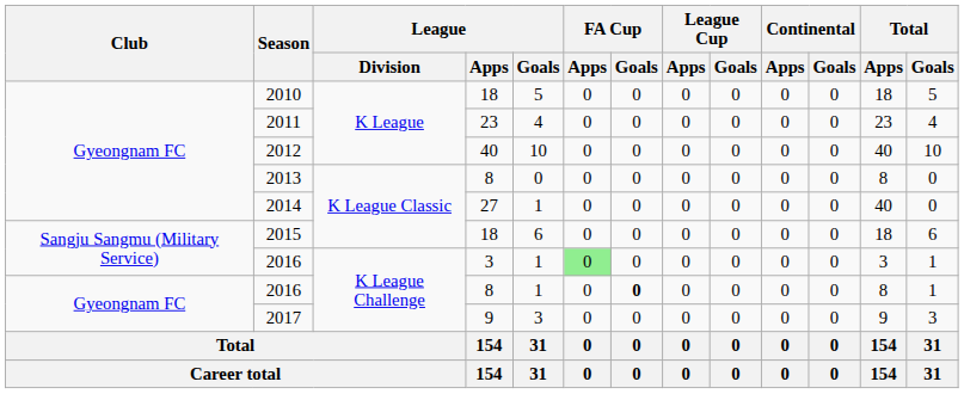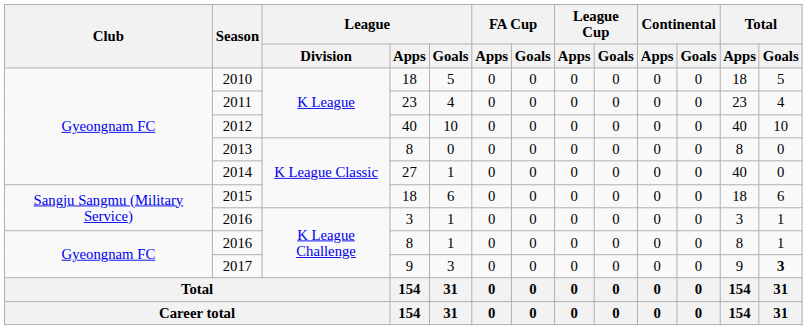 <table class="wikitable" style="text-align:center">
 <tr>
 <th rowspan=2>Club</th>
 <th rowspan=2>Season</th>
 <th colspan=3>League</th>
 <th colspan=2>FA Cup</th>
 <th colspan=2>League Cup</th>
 <th colspan=2>Continental</th>
 <th colspan=2>Total</th>
 </tr>
 <tr>
 <th>Division</th>
 <th>Apps</th>
 <th>Goals</th>
 <th>Apps</th>
 <th>Goals</th>
 <th>Apps</th>
 <th>Goals</th>
 <th>Apps</th>
 <th>Goals</th>
 <th>Apps</th>
 <th>Goals</th>
 </tr>
 <tr>
 <td rowspan=5 valign="center"><a href='#'>Gyeongnam FC</a></td>
 <td>2010</td>
 <td rowspan=3 valign="center"><a href='#'>K League</a></td>
 <td>18</td>
 <td>5</td>
 <td>0</td>
 <td>0</td>
 <td>0</td>
 <td>0</td>
 <td>0</td>
 <td>0</td>
 <td>18</td>
 <td>5</td>
 </tr>
 <tr>
 <td>2011</td>
 <td>23</td>
 <td>4</td>
 <td>0</td>
 <td>0</td>
 <td>0</td>
 <td>0</td>
 <td>0</td>
 <td>0</td>
 <td>23</td>
 <td>4</td>
 </tr>
 <tr>
 <td>2012</td>
 <td>40</td>
 <td>10</td>
 <td>0</td>
 <td>0</td>
 <td>0</td>
 <td>0</td>
 <td>0</td>
 <td>0</td>
 <td>40</td>
 <td>10</td>
 </tr>
 <tr>
 <td>2013</td>
 <td rowspan=3 valign="center"><a href='#'>K League Classic</a></td>
 <td>8</td>
 <td>0</td>
 <td>0</td>
 <td>0</td>
 <td>0</td>
 <td>0</td>
 <td>0</td>
 <td>0</td>
 <td>8</td>
 <td>0</td>
 </tr>
 <tr>
 <td>2014</td>
 <td>27</td>
 <td>1</td>
 <td>0</td>
 <td>0</td>
 <td>0</td>
 <td>0</td>
 <td>0</td>
 <td>0</td>
 <td>40</td>
 <td>0</td>
 </tr>
 <tr>
 <td rowspan=2 valign="center"><a href='#'>Sangju Sangmu (Military Service)</a></td>
 <td>2015</td>
 <td>18</td>
 <td>6</td>
 <td>0</td>
 <td>0</td>
 <td>0</td>
 <td>0</td>
 <td>0</td>
 <td>0</td>
 <td>18</td>
 <td>6</td>
 </tr>
 <tr>
 <td>2016</td>
 <td rowspan=3 valign="center"><a href='#'>K League Challenge</a></td>
 <td>3</td>
 <td>1</td>
-<td style="background: lightgreen;">0</td>
+<td>0</td>
 <td>0</td>
 <td>0</td>
 <td>0</td>
 <td>0</td>
 <td>0</td>
 <td>3</td>
 <td>1</td>
 </tr>
 <tr>
 <td rowspan=2 valign="center"><a href='#'>Gyeongnam FC</a></td>
 <td>2016</td>
 <td>8</td>
 <td>1</td>
 <td>0</td>
-<td><strong>0</strong></td>
+<td>0</td>
 <td>0</td>
 <td>0</td>
 <td>0</td>
 <td>0</td>
 <td>8</td>
 <td>1</td>
 </tr>
 <tr>
 <td>2017</td>
 <td>9</td>
 <td>3</td>
 <td>0</td>
 <td>0</td>
 <td>0</td>
 <td>0</td>
 <td>0</td>
 <td>0</td>
 <td>9</td>
-<td>3</td>
+<td><strong>3</strong></td>
 </tr>
 <tr>
 <th colspan=3>Total</th>
 <th>154</th>
 <th>31</th>
 <th>0</th>
 <th>0</th>
 <th>0</th>
 <th>0</th>
 <th>0</th>
 <th>0</th>
 <th>154</th>
 <th>31</th>
 </tr>
 <tr>
 <th colspan=3>Career total</th>
 <th>154</th>
 <th>31</th>
 <th>0</th>
 <th>0</th>
 <th>0</th>
 <th>0</th>
 <th>0</th>
 <th>0</th>
 <th>154</th>
 <th>31</th>
 </tr>
 </table>
